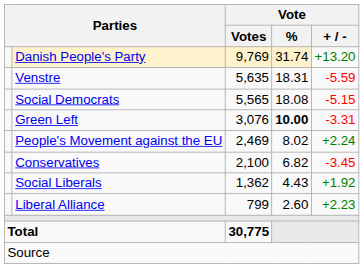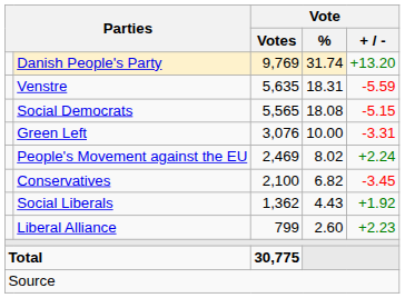 <table class="wikitable" style="text-align:right;">
 <tr>
 <th style="text-align:centre;" rowspan="2" colspan="2" width="225">Parties</th>
 <th colspan="3">Vote</th>
 </tr>
 <tr>
 <th width="15">Votes</th>
 <th width="15">%</th>
 <th width="15">+ / -</th>
 </tr>
 <tr>
 <td width="2" style="color:inherit;background:"></td>
 <td bgcolor=#fef2cc   align="left"><a href='#'>Danish People's Party</a></td>
 <td bgcolor=#fef2cc>9,769</td>
 <td bgcolor=#fef2cc>31.74</td>
 <td style=color:green;>+13.20</td>
 </tr>
 <tr>
 <td width="2" style="color:inherit;background:"></td>
 <td align="left"><a href='#'>Venstre</a></td>
 <td>5,635</td>
 <td>18.31</td>
 <td style=color:red;>-5.59</td>
 </tr>
 <tr>
 <td width="2" style="color:inherit;background:"></td>
 <td align="left"><a href='#'>Social Democrats</a></td>
 <td>5,565</td>
 <td>18.08</td>
 <td style=color:red;>-5.15</td>
 </tr>
 <tr>
 <td width="2" style="color:inherit;background:"></td>
 <td align="left"><a href='#'>Green Left</a></td>
 <td>3,076</td>
-<td><strong>10.00</strong></td>
+<td>10.00</td>
 <td style=color:red;>-3.31</td>
 </tr>
 <tr>
 <td width="2" style="color:inherit;background:"></td>
 <td align="left"><a href='#'>People's Movement against the EU</a></td>
 <td>2,469</td>
 <td>8.02</td>
 <td style=color:green;>+2.24</td>
 </tr>
 <tr>
 <td width="2" style="color:inherit;background:"></td>
 <td align="left"><a href='#'>Conservatives</a></td>
 <td>2,100</td>
 <td>6.82</td>
 <td style=color:red;>-3.45</td>
 </tr>
 <tr>
 <td width="2" style="color:inherit;background:"></td>
 <td align="left"><a href='#'>Social Liberals</a></td>
 <td>1,362</td>
 <td>4.43</td>
 <td style=color:green;>+1.92</td>
 </tr>
 <tr>
 <td width="2" style="color:inherit;background:"></td>
 <td align="left"><a href='#'>Liberal Alliance</a></td>
 <td>799</td>
 <td>2.60</td>
 <td style=color:green;>+2.23</td>
 </tr>
 <tr>
 <td colspan="7" bgcolor="#E9E9E9"></td>
 </tr>
 <tr>
 <td align="left" colspan="2"><strong>Total</strong></td>
 <td><strong>30,775</strong></td>
 <td bgcolor="#E9E9E9" colspan="2"></td>
 </tr>
 <tr>
 <td align="left" colspan="6">Source</td>
 </tr>
 </table>
